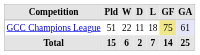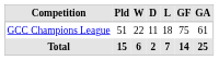 <table align=left cellspacing="0" cellpadding="3" style="border:1px solid #AAAAAA;font-size:90%">
 <tr bgcolor="#E4E4E4">
 <th style="border-bottom:1px solid #AAAAAA">Competition</th>
 <th style="border-bottom:1px solid #AAAAAA" align="center">Pld</th>
 <th style="border-bottom:1px solid #AAAAAA" align="center">W</th>
 <th style="border-bottom:1px solid #AAAAAA" align="center">D</th>
 <th style="border-bottom:1px solid #AAAAAA" align="center">L</th>
 <th style="border-bottom:1px solid #AAAAAA" align="center">GF</th>
 <th style="border-bottom:1px solid #AAAAAA" align="center">GA</th>
 </tr>
 <tr>
 <td><a href='#'>GCC Champions League</a></td>
 <td align="center">51</td>
 <td align="center">22</td>
 <td align="center">11</td>
 <td align="center">18</td>
-<td align="center" style="background: khaki;">75</td>
-<td align="center" style="background: lavender;">61</td>
+<td align="center">75</td>
+<td align="center">61</td>
 </tr>
 <tr>
 </tr>
 <tr style="background:#E4E4E4;">
 <th ! colspan="1"  align="centre">Total</th>
 <th>15</th>
 <th>6</th>
 <th>2</th>
 <th>7</th>
 <th>14</th>
 <th>25</th>
 </tr>
 <tr>
 </tr>
 </table>
